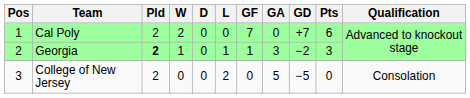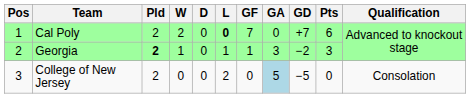 <table class="wikitable" style="text-align:center; margin: 1em auto">
 <tr>
 <th style="width:2em">Pos</th>
 <th style="width:13em">Team</th>
 <th style="width:2em">Pld</th>
 <th style="width:2em">W</th>
 <th style="width:2em">D</th>
 <th style="width:2em">L</th>
 <th style="width:2em">GF</th>
 <th style="width:2em">GA</th>
 <th style="width:2em">GD</th>
 <th style="width:2em">Pts</th>
 <th style="width:13em">Qualification</th>
 </tr>
 <tr bgcolor="#9eff9e">
 <td>1</td>
 <td style="text-align:left">Cal Poly</td>
 <td>2</td>
 <td>2</td>
 <td>0</td>
-<td>0</td>
+<td><strong>0</strong></td>
 <td>7</td>
 <td>0</td>
 <td>+7</td>
 <td>6</td>
 <td rowspan="2">Advanced to knockout stage</td>
 </tr>
 <tr bgcolor="#9eff9e">
 <td>2</td>
 <td style="text-align:left">Georgia</td>
 <td><strong>2</strong></td>
 <td>1</td>
 <td>0</td>
 <td>1</td>
 <td>1</td>
 <td>3</td>
 <td>−2</td>
 <td>3</td>
 </tr>
 <tr>
 <td>3</td>
 <td style="text-align:left">College of New Jersey</td>
 <td>2</td>
 <td>0</td>
 <td>0</td>
 <td>2</td>
 <td>0</td>
-<td>5</td>
+<td style="background: lightblue;">5</td>
 <td>−5</td>
 <td>0</td>
 <td>Consolation</td>
 </tr>
 </table>
